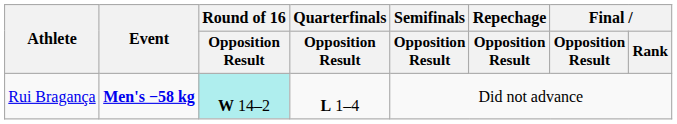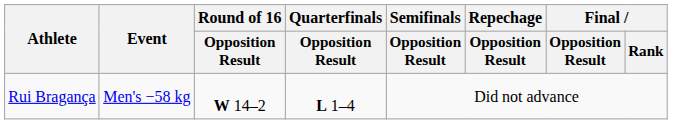 <table class="wikitable" style="font-size:90%">
 <tr>
 <th rowspan="2">Athlete</th>
 <th rowspan="2">Event</th>
 <th>Round of 16</th>
 <th>Quarterfinals</th>
 <th>Semifinals</th>
 <th>Repechage</th>
 <th colspan=2>Final / </th>
 </tr>
 <tr style="font-size:95%">
 <th>Opposition<br>Result</th>
 <th>Opposition<br>Result</th>
 <th>Opposition<br>Result</th>
 <th>Opposition<br>Result</th>
 <th>Opposition<br>Result</th>
 <th>Rank</th>
 </tr>
 <tr align=center>
 <td align=left><a href='#'>Rui Bragança</a></td>
-<td align=left><strong><a href='#'>Men's −58 kg</a></strong></td>
-<td style="background: paleturquoise;"><br><strong>W</strong> 14–2 </td>
+<td align=left><a href='#'>Men's −58 kg</a></td>
+<td><br><strong>W</strong> 14–2 </td>
 <td><br><strong>L</strong> 1–4</td>
 <td colspan=4>Did not advance</td>
 </tr>
 </table>
